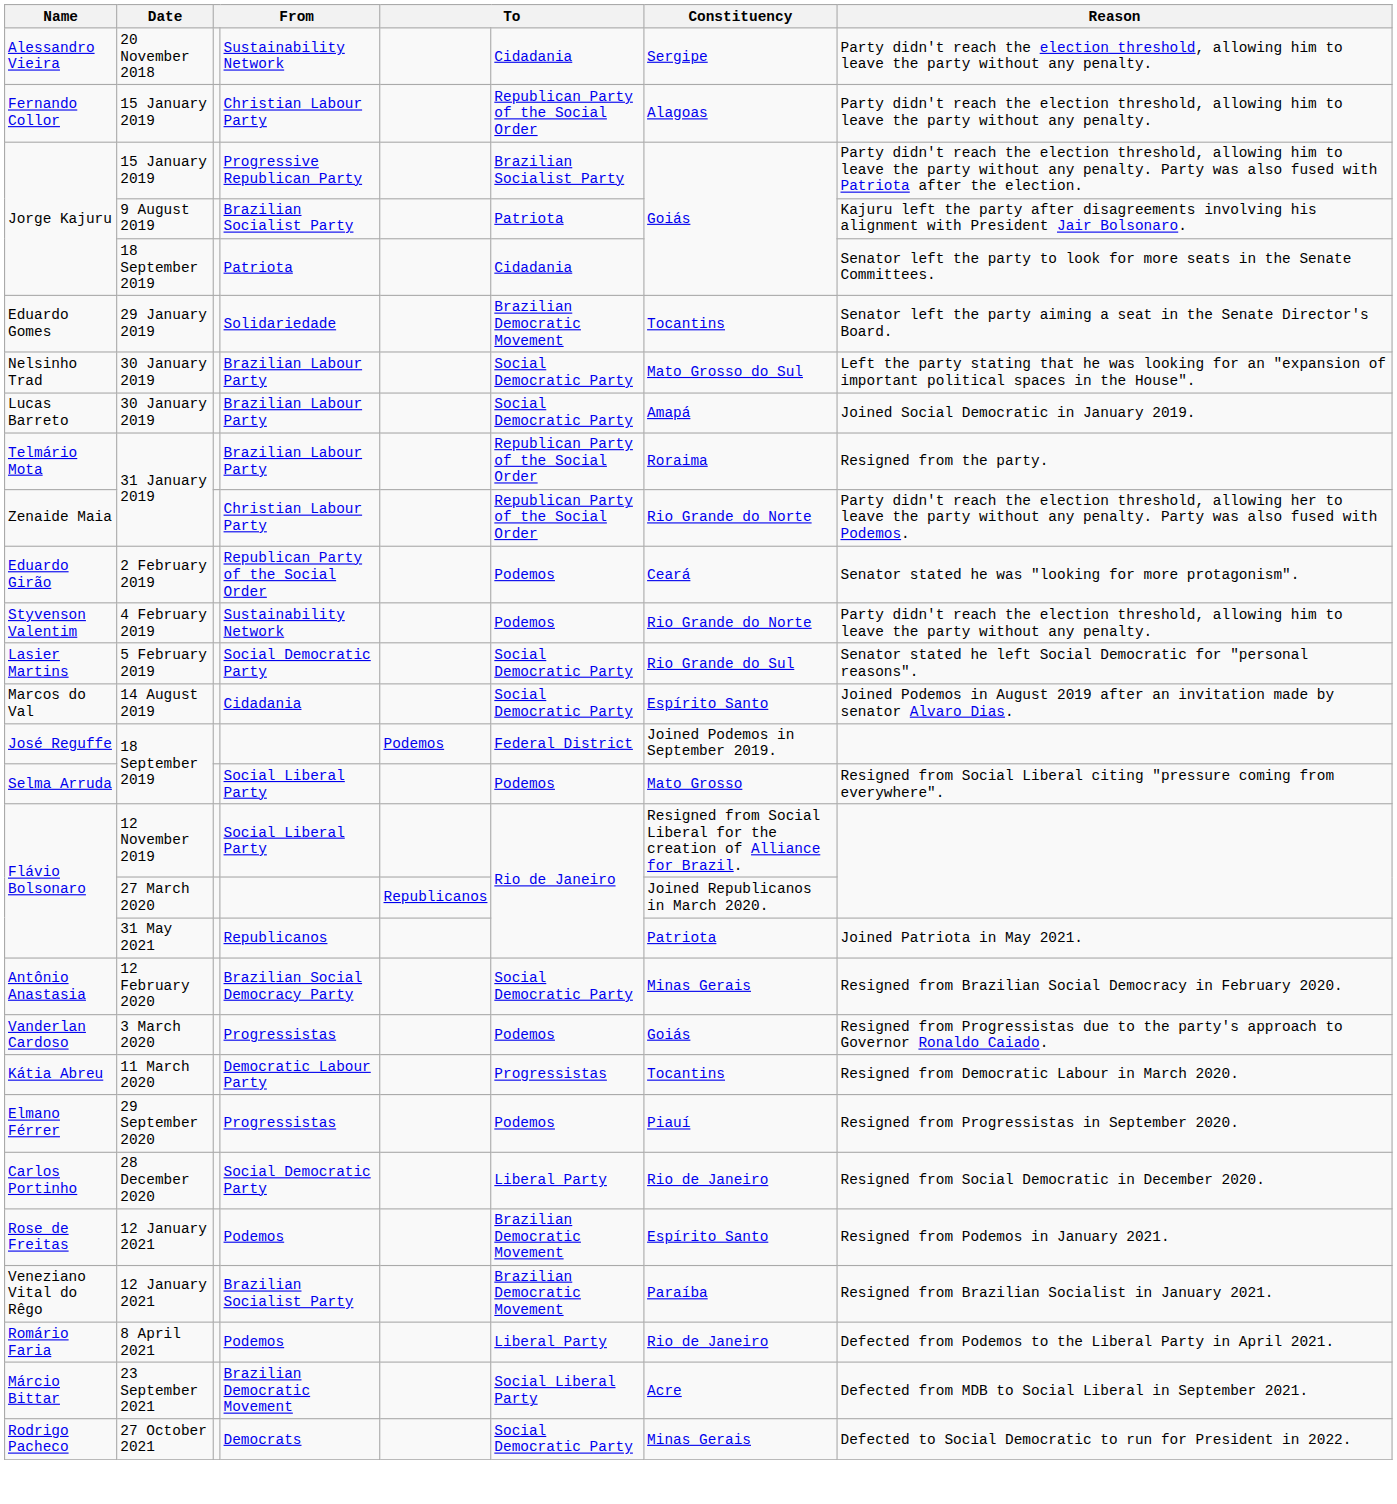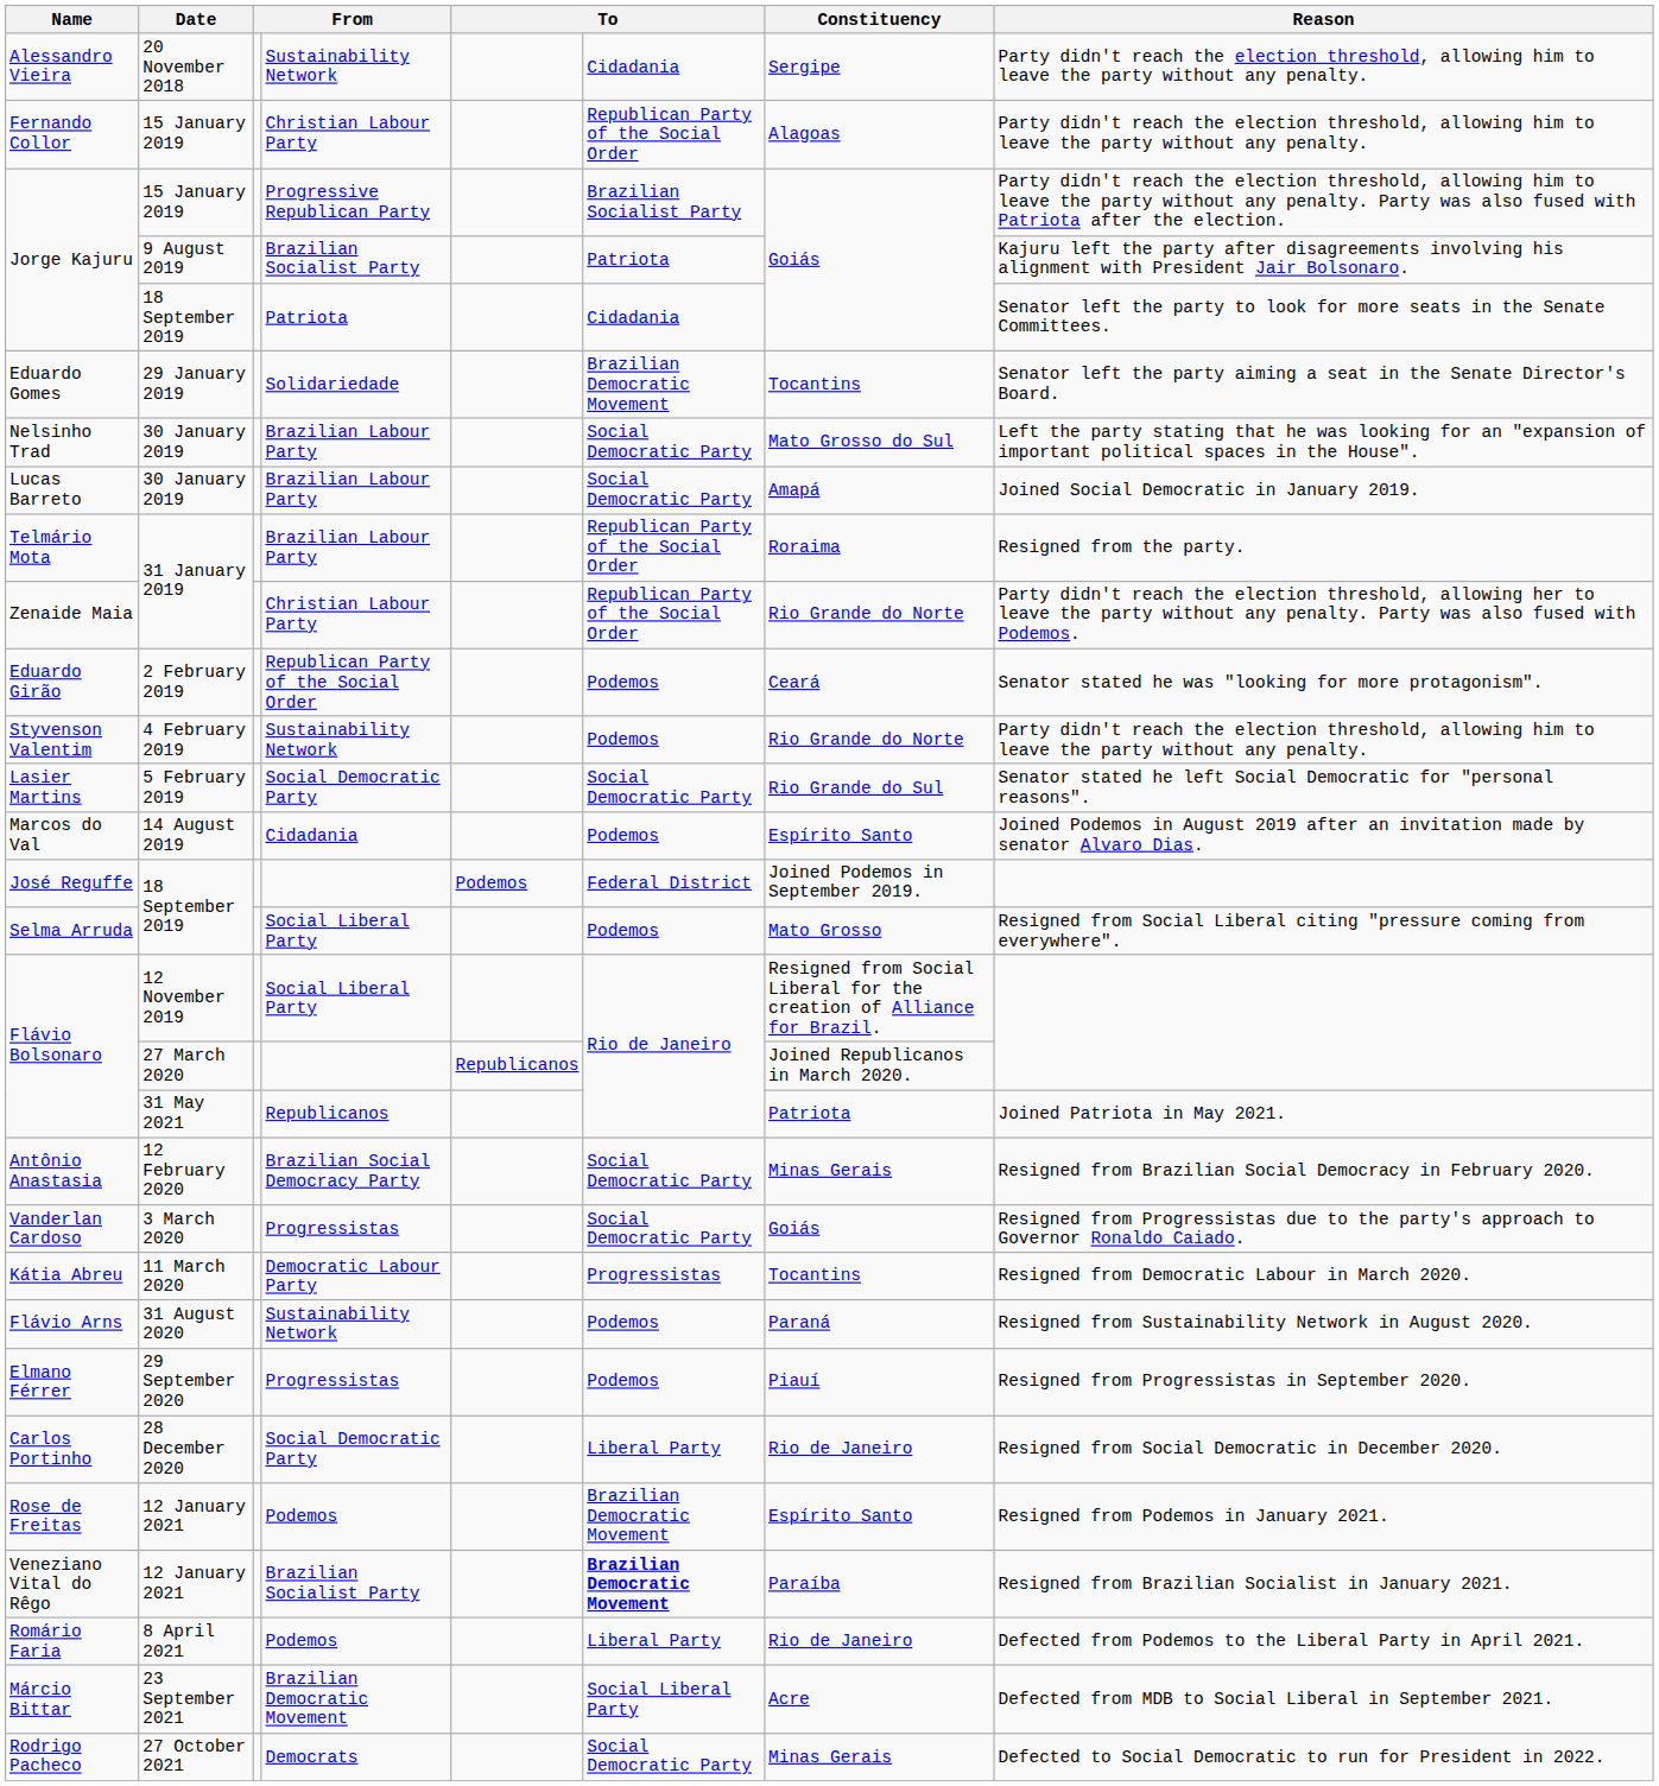 <table class="wikitable sortable">
 <tr>
 <th>Name</th>
 <th>Date</th>
 <th colspan="2">From</th>
 <th colspan="2">To</th>
 <th>Constituency</th>
 <th width="40%">Reason</th>
 </tr>
 <tr>
 <td><a href='#'>Alessandro Vieira</a></td>
 <td>20 November 2018</td>
 <td style="background:"></td>
 <td><a href='#'>Sustainability Network</a></td>
 <td style="background:"></td>
 <td><a href='#'>Cidadania</a></td>
 <td><a href='#'>Sergipe</a></td>
 <td>Party didn't reach the <a href='#'>election threshold</a>, allowing him to leave the party without any penalty.</td>
 </tr>
 <tr>
 <td><a href='#'>Fernando Collor</a></td>
 <td>15 January 2019</td>
 <td style="background:"></td>
 <td><a href='#'>Christian Labour Party</a></td>
 <td style="background:"></td>
 <td><a href='#'>Republican Party of the Social Order</a></td>
 <td><a href='#'>Alagoas</a></td>
 <td>Party didn't reach the election threshold, allowing him to leave the party without any penalty.</td>
 </tr>
 <tr>
 <td rowspan="3">Jorge Kajuru</td>
 <td>15 January 2019</td>
 <td style="background:"></td>
 <td><a href='#'>Progressive Republican Party</a></td>
 <td style="background:"></td>
 <td><a href='#'>Brazilian Socialist Party</a></td>
 <td rowspan="3"><a href='#'>Goiás</a></td>
 <td>Party didn't reach the election threshold, allowing him to leave the party without any penalty. Party was also fused with <a href='#'>Patriota</a> after the election.</td>
 </tr>
 <tr>
 <td>9 August 2019</td>
 <td style="background:"></td>
 <td><a href='#'>Brazilian Socialist Party</a></td>
 <td style="background:"></td>
 <td><a href='#'>Patriota</a></td>
 <td>Kajuru left the party after disagreements involving his alignment with President <a href='#'>Jair Bolsonaro</a>.</td>
 </tr>
 <tr>
 <td>18 September 2019</td>
 <td style="background:"></td>
 <td><a href='#'>Patriota</a></td>
 <td style="background:"></td>
 <td><a href='#'>Cidadania</a></td>
 <td>Senator left the party to look for more seats in the Senate Committees.</td>
 </tr>
 <tr>
 <td>Eduardo Gomes</td>
 <td>29 January 2019</td>
 <td style="background:"></td>
 <td><a href='#'>Solidariedade</a></td>
 <td style="background:"></td>
 <td><a href='#'>Brazilian Democratic Movement</a></td>
 <td><a href='#'>Tocantins</a></td>
 <td>Senator left the party aiming a seat in the Senate Director's Board.</td>
 </tr>
 <tr>
 <td>Nelsinho Trad</td>
 <td>30 January 2019</td>
 <td style="background:"></td>
 <td><a href='#'>Brazilian Labour Party</a></td>
 <td style="background:"></td>
 <td><a href='#'>Social Democratic Party</a></td>
 <td><a href='#'>Mato Grosso do Sul</a></td>
 <td>Left the party stating that he was looking for an "expansion of important political spaces in the House".</td>
 </tr>
 <tr>
 <td>Lucas Barreto</td>
 <td>30 January 2019</td>
 <td style="background:"></td>
 <td><a href='#'>Brazilian Labour Party</a></td>
 <td style="background:"></td>
 <td><a href='#'>Social Democratic Party</a></td>
 <td><a href='#'>Amapá</a></td>
 <td>Joined Social Democratic in January 2019.</td>
 </tr>
 <tr>
 <td><a href='#'>Telmário Mota</a></td>
 <td rowspan="2">31 January 2019</td>
 <td style="background:"></td>
 <td><a href='#'>Brazilian Labour Party</a></td>
 <td style="background:"></td>
 <td><a href='#'>Republican Party of the Social Order</a></td>
 <td><a href='#'>Roraima</a></td>
 <td>Resigned from the party.</td>
 </tr>
 <tr>
 <td>Zenaide Maia</td>
 <td style="background:"></td>
 <td><a href='#'>Christian Labour Party</a></td>
 <td style="background:"></td>
 <td><a href='#'>Republican Party of the Social Order</a></td>
 <td><a href='#'>Rio Grande do Norte</a></td>
 <td>Party didn't reach the election threshold, allowing her to leave the party without any penalty. Party was also fused with <a href='#'>Podemos</a>.</td>
 </tr>
 <tr>
 <td><a href='#'>Eduardo Girão</a></td>
 <td>2 February 2019</td>
 <td style="background:"></td>
 <td><a href='#'>Republican Party of the Social Order</a></td>
 <td style="background:"></td>
 <td><a href='#'>Podemos</a></td>
 <td><a href='#'>Ceará</a></td>
 <td>Senator stated he was "looking for more protagonism".</td>
 </tr>
 <tr>
 <td><a href='#'>Styvenson Valentim</a></td>
 <td>4 February 2019</td>
 <td style="background:"></td>
 <td><a href='#'>Sustainability Network</a></td>
 <td style="background:"></td>
 <td><a href='#'>Podemos</a></td>
 <td><a href='#'>Rio Grande do Norte</a></td>
 <td>Party didn't reach the election threshold, allowing him to leave the party without any penalty.</td>
 </tr>
 <tr>
 <td><a href='#'>Lasier Martins</a></td>
 <td>5 February 2019</td>
 <td style="background:"></td>
 <td><a href='#'>Social Democratic Party</a></td>
 <td style="background:"></td>
 <td><a href='#'>Social Democratic Party</a></td>
 <td><a href='#'>Rio Grande do Sul</a></td>
 <td>Senator stated he left Social Democratic for "personal reasons".</td>
 </tr>
 <tr>
 <td>Marcos do Val</td>
 <td>14 August 2019</td>
 <td style="background:"></td>
 <td><a href='#'>Cidadania</a></td>
 <td style="background:"></td>
-<td><a href='#'>Social Democratic Party</a></td>
+<td><a href='#'>Podemos</a></td>
 <td><a href='#'>Espírito Santo</a></td>
 <td>Joined Podemos in August 2019 after an invitation made by senator <a href='#'>Alvaro Dias</a>.</td>
 </tr>
 <tr>
 <td><a href='#'>José Reguffe</a></td>
 <td rowspan="2">18 September 2019</td>
 <td></td>
 <td style="background:"></td>
 <td><a href='#'>Podemos</a></td>
 <td><a href='#'>Federal District</a></td>
 <td>Joined Podemos in September 2019.</td>
 </tr>
 <tr>
 <td><a href='#'>Selma Arruda</a></td>
 <td style="background:"></td>
 <td><a href='#'>Social Liberal Party</a></td>
 <td style="background:"></td>
 <td><a href='#'>Podemos</a></td>
 <td><a href='#'>Mato Grosso</a></td>
 <td>Resigned from Social Liberal citing "pressure coming from everywhere".</td>
 </tr>
 <tr>
 <td rowspan="3"><a href='#'>Flávio Bolsonaro</a></td>
 <td>12 November 2019</td>
 <td style="background:"></td>
 <td><a href='#'>Social Liberal Party</a></td>
 <td></td>
 <td rowspan="3"><a href='#'>Rio de Janeiro</a></td>
 <td>Resigned from Social Liberal for the creation of <a href='#'>Alliance for Brazil</a>.</td>
 </tr>
 <tr>
 <td>27 March 2020</td>
 <td></td>
 <td style="background:"></td>
 <td><a href='#'>Republicanos</a></td>
 <td>Joined Republicanos in March 2020.</td>
 </tr>
 <tr>
 <td>31 May 2021</td>
 <td style="background:"></td>
 <td><a href='#'>Republicanos</a></td>
 <td style="background:"></td>
 <td><a href='#'>Patriota</a></td>
 <td>Joined Patriota in May 2021.</td>
 </tr>
 <tr>
 <td><a href='#'>Antônio Anastasia</a></td>
 <td>12 February 2020</td>
 <td style="background:"></td>
 <td><a href='#'>Brazilian Social Democracy Party</a></td>
 <td style="background:"></td>
 <td><a href='#'>Social Democratic Party</a></td>
 <td><a href='#'>Minas Gerais</a></td>
 <td>Resigned from Brazilian Social Democracy in February 2020.</td>
 </tr>
 <tr>
 <td><a href='#'>Vanderlan Cardoso</a></td>
 <td>3 March 2020</td>
 <td style="background:"></td>
 <td><a href='#'>Progressistas</a></td>
 <td style="background:"></td>
-<td><a href='#'>Podemos</a></td>
+<td><a href='#'>Social Democratic Party</a></td>
 <td><a href='#'>Goiás</a></td>
 <td>Resigned from Progressistas due to the party's approach to Governor <a href='#'>Ronaldo Caiado</a>.</td>
 </tr>
 <tr>
 <td><a href='#'>Kátia Abreu</a></td>
 <td>11 March 2020</td>
 <td style="background:"></td>
 <td><a href='#'>Democratic Labour Party</a></td>
 <td style="background:"></td>
 <td><a href='#'>Progressistas</a></td>
 <td><a href='#'>Tocantins</a></td>
 <td>Resigned from Democratic Labour in March 2020.</td>
+</tr>
+<tr>
+<td><a href='#'>Flávio Arns</a></td>
+<td>31 August 2020</td>
+<td style="background:"></td>
+<td><a href='#'>Sustainability Network</a></td>
+<td style="background:"></td>
+<td><a href='#'>Podemos</a></td>
+<td><a href='#'>Paraná</a></td>
+<td>Resigned from Sustainability Network in August 2020.</td>
 </tr>
 <tr>
 <td><a href='#'>Elmano Férrer</a></td>
 <td>29 September 2020</td>
 <td style="background:"></td>
 <td><a href='#'>Progressistas</a></td>
 <td style="background:"></td>
 <td><a href='#'>Podemos</a></td>
 <td><a href='#'>Piauí</a></td>
 <td>Resigned from Progressistas in September 2020.</td>
 </tr>
 <tr>
 <td><a href='#'>Carlos Portinho</a></td>
 <td>28 December 2020</td>
 <td style="background:"></td>
 <td><a href='#'>Social Democratic Party</a></td>
 <td style="background:"></td>
 <td><a href='#'>Liberal Party</a></td>
 <td><a href='#'>Rio de Janeiro</a></td>
 <td>Resigned from Social Democratic in December 2020.</td>
 </tr>
 <tr>
 <td><a href='#'>Rose de Freitas</a></td>
 <td>12 January 2021</td>
 <td style="background:"></td>
 <td><a href='#'>Podemos</a></td>
 <td style="background:"></td>
 <td><a href='#'>Brazilian Democratic Movement</a></td>
 <td><a href='#'>Espírito Santo</a></td>
 <td>Resigned from Podemos in January 2021.</td>
 </tr>
 <tr>
 <td>Veneziano Vital do Rêgo</td>
 <td>12 January 2021</td>
 <td style="background:"></td>
 <td><a href='#'>Brazilian Socialist Party</a></td>
 <td style="background:"></td>
-<td><a href='#'>Brazilian Democratic Movement</a></td>
+<td><strong><a href='#'>Brazilian Democratic Movement</a></strong></td>
 <td><a href='#'>Paraíba</a></td>
 <td>Resigned from Brazilian Socialist in January 2021.</td>
 </tr>
 <tr>
 <td><a href='#'>Romário Faria</a></td>
 <td>8 April 2021</td>
 <td style="background:"></td>
 <td><a href='#'>Podemos</a></td>
 <td style="background:"></td>
 <td><a href='#'>Liberal Party</a></td>
 <td><a href='#'>Rio de Janeiro</a></td>
 <td>Defected from Podemos to the Liberal Party in April 2021.</td>
 </tr>
 <tr>
 <td><a href='#'>Márcio Bittar</a></td>
 <td>23 September 2021</td>
 <td style="background:"></td>
 <td><a href='#'>Brazilian Democratic Movement</a></td>
 <td style="background:"></td>
 <td><a href='#'>Social Liberal Party</a></td>
 <td><a href='#'>Acre</a></td>
 <td>Defected from MDB to Social Liberal in September 2021.</td>
 </tr>
 <tr>
 <td><a href='#'>Rodrigo Pacheco</a></td>
 <td>27 October 2021</td>
 <td style="background:"></td>
 <td><a href='#'>Democrats</a></td>
 <td style="background:"></td>
 <td><a href='#'>Social Democratic Party</a></td>
 <td><a href='#'>Minas Gerais</a></td>
 <td>Defected to Social Democratic to run for President in 2022.</td>
 </tr>
 </table>
